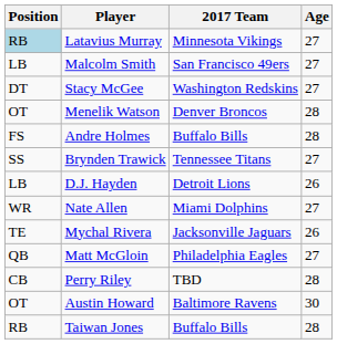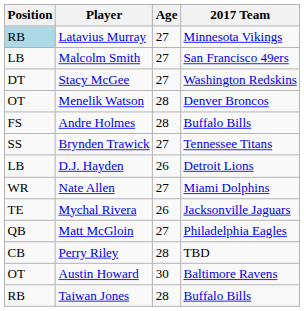 <table class="wikitable" style="font-size: 95%; text-align: left">
 <tr>
 <th>Position</th>
 <th>Player</th>
+<th>Age</th>
 <th>2017 Team</th>
-<th>Age</th>
 </tr>
 <tr>
 <td style="background: lightblue;">RB</td>
 <td><a href='#'>Latavius Murray</a></td>
+<td>27</td>
 <td><a href='#'>Minnesota Vikings</a></td>
-<td>27</td>
 </tr>
 <tr>
 <td>LB</td>
 <td><a href='#'>Malcolm Smith</a></td>
+<td>27</td>
 <td><a href='#'>San Francisco 49ers</a></td>
-<td>27</td>
 </tr>
 <tr>
 <td>DT</td>
 <td><a href='#'>Stacy McGee</a></td>
+<td>27</td>
 <td><a href='#'>Washington Redskins</a></td>
-<td>27</td>
 </tr>
 <tr>
 <td>OT</td>
 <td><a href='#'>Menelik Watson</a></td>
+<td>28</td>
 <td><a href='#'>Denver Broncos</a></td>
-<td>28</td>
 </tr>
 <tr>
 <td>FS</td>
 <td><a href='#'>Andre Holmes</a></td>
+<td>28</td>
 <td><a href='#'>Buffalo Bills</a></td>
-<td>28</td>
 </tr>
 <tr>
 <td>SS</td>
 <td><a href='#'>Brynden Trawick</a></td>
+<td>27</td>
 <td><a href='#'>Tennessee Titans</a></td>
-<td>27</td>
 </tr>
 <tr>
 <td>LB</td>
 <td><a href='#'>D.J. Hayden</a></td>
+<td>26</td>
 <td><a href='#'>Detroit Lions</a></td>
-<td>26</td>
 </tr>
 <tr>
 <td>WR</td>
 <td><a href='#'>Nate Allen</a></td>
+<td>27</td>
 <td><a href='#'>Miami Dolphins</a></td>
-<td>27</td>
 </tr>
 <tr>
 <td>TE</td>
 <td><a href='#'>Mychal Rivera</a></td>
+<td>26</td>
 <td><a href='#'>Jacksonville Jaguars</a></td>
-<td>26</td>
 </tr>
 <tr>
 <td>QB</td>
 <td><a href='#'>Matt McGloin</a></td>
+<td>27</td>
 <td><a href='#'>Philadelphia Eagles</a></td>
-<td>27</td>
 </tr>
 <tr>
 <td>CB</td>
 <td><a href='#'>Perry Riley</a></td>
+<td>28</td>
 <td>TBD</td>
-<td>28</td>
 </tr>
 <tr>
 <td>OT</td>
 <td><a href='#'>Austin Howard</a></td>
+<td>30</td>
 <td><a href='#'>Baltimore Ravens</a></td>
-<td>30</td>
 </tr>
 <tr>
 <td>RB</td>
 <td><a href='#'>Taiwan Jones</a></td>
+<td>28</td>
 <td><a href='#'>Buffalo Bills</a></td>
-<td>28</td>
 </tr>
 </table>
